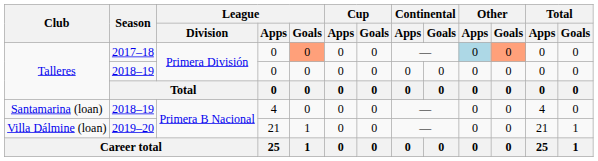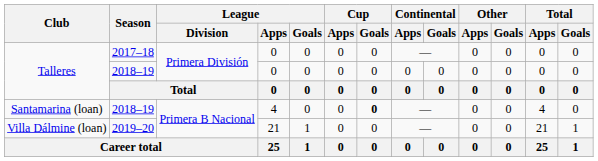 <table class="wikitable" style="text-align:center">
 <tr>
 <th rowspan="2">Club</th>
 <th rowspan="2">Season</th>
 <th colspan="3">League</th>
 <th colspan="2">Cup</th>
 <th colspan="2">Continental</th>
 <th colspan="2">Other</th>
 <th colspan="2">Total</th>
 </tr>
 <tr>
 <th>Division</th>
 <th>Apps</th>
 <th>Goals</th>
 <th>Apps</th>
 <th>Goals</th>
 <th>Apps</th>
 <th>Goals</th>
 <th>Apps</th>
 <th>Goals</th>
 <th>Apps</th>
 <th>Goals</th>
 </tr>
 <tr>
 <td rowspan="3"><a href='#'>Talleres</a></td>
 <td><a href='#'>2017–18</a></td>
 <td rowspan="2"><a href='#'>Primera División</a></td>
 <td>0</td>
-<td style="background: lightsalmon;">0</td>
+<td>0</td>
 <td>0</td>
 <td>0</td>
 <td colspan="2">—</td>
-<td style="background: lightblue;">0</td>
-<td style="background: lightsalmon;">0</td>
+<td>0</td>
+<td>0</td>
 <td>0</td>
 <td>0</td>
 </tr>
 <tr>
 <td><a href='#'>2018–19</a></td>
 <td>0</td>
 <td>0</td>
 <td>0</td>
 <td>0</td>
 <td>0</td>
 <td>0</td>
 <td>0</td>
 <td>0</td>
 <td>0</td>
 <td>0</td>
 </tr>
 <tr>
 <th colspan="2">Total</th>
 <th>0</th>
 <th>0</th>
 <th>0</th>
 <th>0</th>
 <th>0</th>
 <th>0</th>
 <th>0</th>
 <th>0</th>
 <th>0</th>
 <th>0</th>
 </tr>
 <tr>
 <td rowspan="1"><a href='#'>Santamarina</a> (loan)</td>
 <td><a href='#'>2018–19</a></td>
 <td rowspan="2"><a href='#'>Primera B Nacional</a></td>
 <td>4</td>
 <td>0</td>
 <td>0</td>
-<td>0</td>
+<td><strong>0</strong></td>
 <td colspan="2">—</td>
 <td>0</td>
 <td>0</td>
 <td>4</td>
 <td>0</td>
 </tr>
 <tr>
 <td rowspan="1"><a href='#'>Villa Dálmine</a> (loan)</td>
 <td><a href='#'>2019–20</a></td>
 <td>21</td>
 <td>1</td>
 <td>0</td>
 <td>0</td>
 <td colspan="2">—</td>
 <td>0</td>
 <td>0</td>
 <td>21</td>
 <td>1</td>
 </tr>
 <tr>
 <th colspan="3">Career total</th>
 <th>25</th>
 <th>1</th>
 <th>0</th>
 <th>0</th>
 <th>0</th>
 <th>0</th>
 <th>0</th>
 <th>0</th>
 <th>25</th>
 <th>1</th>
 </tr>
 </table>
